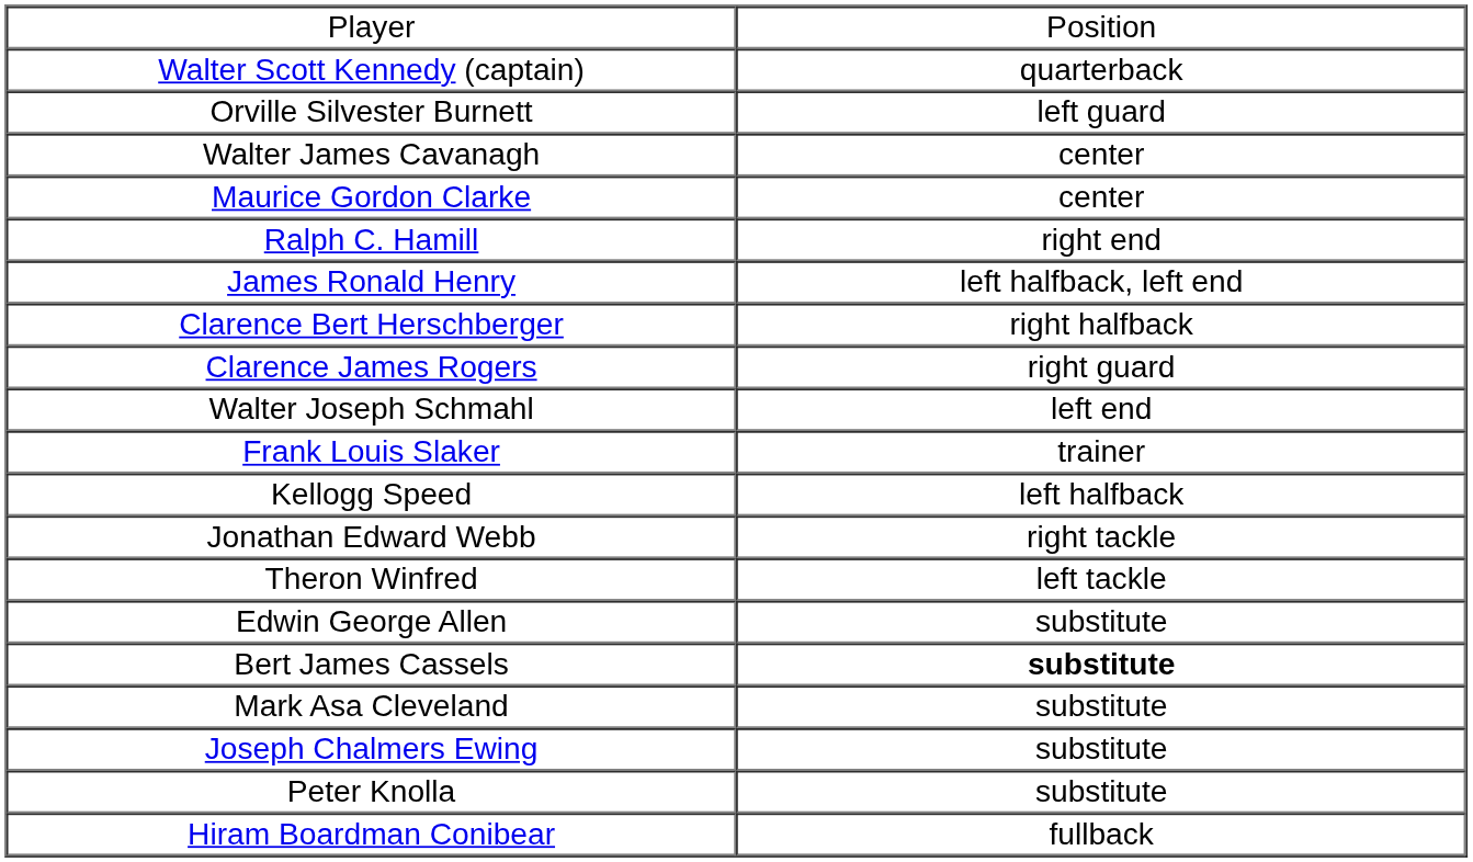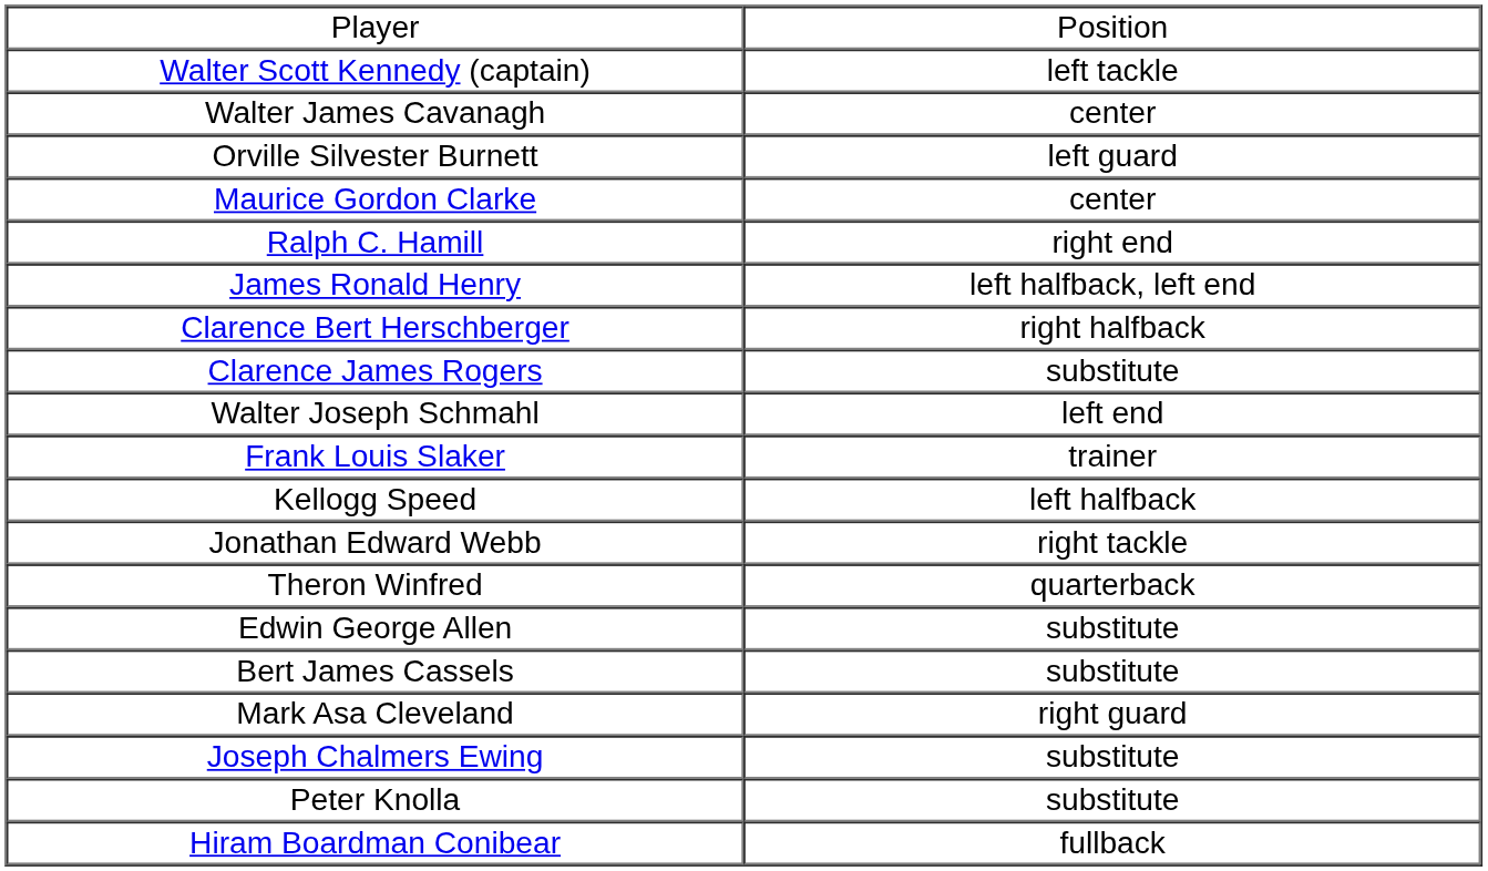 <table cellpadding="1" border="1" cellspacing="0" width="60%" style="text-align:center;">
 <tr>
 <td>Player</td>
 <td>Position</td>
 </tr>
 <tr align="center" bgcolor="">
 <td><a href='#'>Walter Scott Kennedy</a> (captain)</td>
-<td>quarterback</td>
+<td>left tackle</td>
+</tr>
+<tr align="center" bgcolor="">
+<td width="250">Walter James Cavanagh</td>
+<td width="250">center</td>
 </tr>
 <tr align="center" bgcolor="">
 <td>Orville Silvester Burnett</td>
 <td>left guard</td>
-</tr>
-<tr align="center" bgcolor="">
-<td width="250">Walter James Cavanagh</td>
-<td width="250">center</td>
 </tr>
 <tr align="center" bgcolor="">
 <td><a href='#'>Maurice Gordon Clarke</a></td>
 <td>center</td>
 </tr>
 <tr align="center" bgcolor="">
 <td><a href='#'>Ralph C. Hamill</a></td>
 <td>right end</td>
 </tr>
 <tr align="center" bgcolor="">
 <td><a href='#'>James Ronald Henry</a></td>
 <td>left halfback, left end</td>
 </tr>
 <tr align="center" bgcolor="">
 <td><a href='#'>Clarence Bert Herschberger</a></td>
 <td>right halfback</td>
 </tr>
 <tr align="center" bgcolor="">
 <td><a href='#'>Clarence James Rogers</a></td>
-<td>right guard</td>
+<td>substitute</td>
 </tr>
 <tr align="center" bgcolor="">
 <td>Walter Joseph Schmahl</td>
 <td>left end</td>
 </tr>
 <tr align="center" bgcolor="">
 <td><a href='#'>Frank Louis Slaker</a></td>
 <td>trainer</td>
 </tr>
 <tr align="center" bgcolor="">
 <td>Kellogg Speed</td>
 <td>left halfback</td>
 </tr>
 <tr align="center" bgcolor="">
 <td>Jonathan Edward Webb</td>
 <td>right tackle</td>
 </tr>
 <tr align="center" bgcolor="">
 <td>Theron Winfred</td>
-<td>left tackle</td>
+<td>quarterback</td>
 </tr>
 <tr align="center" bgcolor="">
 <td>Edwin George Allen</td>
 <td>substitute</td>
 </tr>
 <tr align="center" bgcolor="">
 <td>Bert James Cassels</td>
-<td><strong>substitute</strong></td>
+<td>substitute</td>
 </tr>
 <tr align="center" bgcolor="">
 <td>Mark Asa Cleveland</td>
-<td>substitute</td>
+<td>right guard</td>
 </tr>
 <tr align="center" bgcolor="">
 <td><a href='#'>Joseph Chalmers Ewing</a></td>
 <td>substitute</td>
 </tr>
 <tr align="center" bgcolor="">
 <td>Peter Knolla</td>
 <td>substitute</td>
 </tr>
 <tr align="center" bgcolor="">
 <td><a href='#'>Hiram Boardman Conibear</a></td>
 <td>fullback</td>
 </tr>
 <tr align="center" bgcolor="">
 </tr>
 </table>
